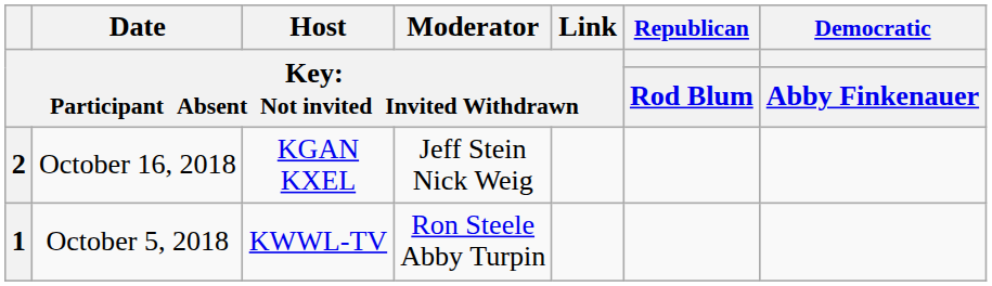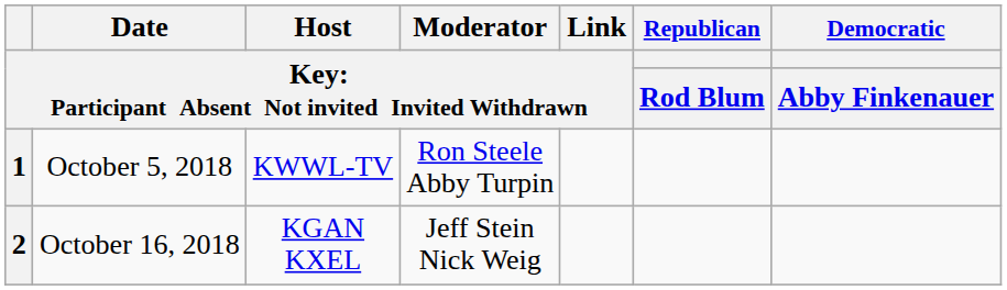 <table class="wikitable" style="text-align:center;">
 <tr>
 <th scope="col"></th>
 <th scope="col">Date</th>
 <th scope="col">Host</th>
 <th scope="col">Moderator</th>
 <th scope="col">Link</th>
 <th scope="col"><small><a href='#'>Republican</a></small></th>
 <th scope="col"><small><a href='#'>Democratic</a></small></th>
 </tr>
 <tr>
 <th colspan="5" rowspan="2">Key:<br> <small>Participant </small>  <small>Absent </small>  <small>Not invited </small>  <small>Invited  Withdrawn</small></th>
 <th scope="col" style="background:"></th>
 <th scope="col" style="background:"></th>
 </tr>
 <tr>
 <th scope="col"><a href='#'>Rod Blum</a></th>
 <th scope="col"><a href='#'>Abby Finkenauer</a></th>
 </tr>
 <tr>
+<th>1</th>
+<td style="white-space:nowrap;">October 5, 2018</td>
+<td style="white-space:nowrap;"><a href='#'>KWWL-TV</a></td>
+<td style="white-space:nowrap;"><a href='#'>Ron Steele</a><br>Abby Turpin</td>
+<td style="white-space:nowrap;"></td>
+<td></td>
+<td></td>
+</tr>
+<tr>
 <th>2</th>
 <td style="white-space:nowrap;">October 16, 2018</td>
 <td style="white-space:nowrap;"><a href='#'>KGAN</a><br><a href='#'>KXEL</a></td>
 <td style="white-space:nowrap;">Jeff Stein<br>Nick Weig</td>
 <td style="white-space:nowrap;"></td>
 <td></td>
 <td></td>
 </tr>
-<tr>
-<th>1</th>
-<td style="white-space:nowrap;">October 5, 2018</td>
-<td style="white-space:nowrap;"><a href='#'>KWWL-TV</a></td>
-<td style="white-space:nowrap;"><a href='#'>Ron Steele</a><br>Abby Turpin</td>
-<td style="white-space:nowrap;"></td>
-<td></td>
-<td></td>
-</tr>
 </table>
